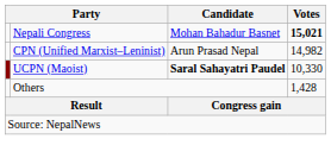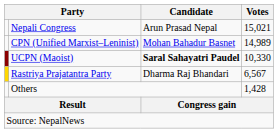 <table class="wikitable">
 <tr>
 <th colspan="2">Party</th>
 <th>Candidate</th>
 <th>Votes</th>
 </tr>
 <tr>
 <td style="background-color:"></td>
 <td><a href='#'>Nepali Congress</a></td>
-<td><a href='#'>Mohan Bahadur Basnet</a></td>
-<td><strong>15,021</strong></td>
+<td>Arun Prasad Nepal</td>
+<td>15,021</td>
 </tr>
 <tr>
 <td style="background-color:"></td>
 <td><a href='#'>CPN (Unified Marxist–Leninist)</a></td>
-<td>Arun Prasad Nepal</td>
-<td>14,982</td>
+<td><a href='#'>Mohan Bahadur Basnet</a></td>
+<td>14,989</td>
 </tr>
 <tr>
 <td style="background-color:darkred"></td>
 <td><a href='#'>UCPN (Maoist)</a></td>
 <td><strong>Saral Sahayatri Paudel</strong></td>
 <td>10,330</td>
+</tr>
+<tr>
+<td style="background-color:gold"></td>
+<td><a href='#'>Rastriya Prajatantra Party</a></td>
+<td>Dharma Raj Bhandari</td>
+<td>6,567</td>
 </tr>
 <tr>
 <td></td>
 <td colspan="2">Others</td>
 <td>1,428</td>
 </tr>
 <tr>
 <th colspan="2">Result</th>
 <th colspan="2">Congress gain</th>
 </tr>
 <tr>
 <td colspan="4">Source: NepalNews</td>
 </tr>
 </table>
